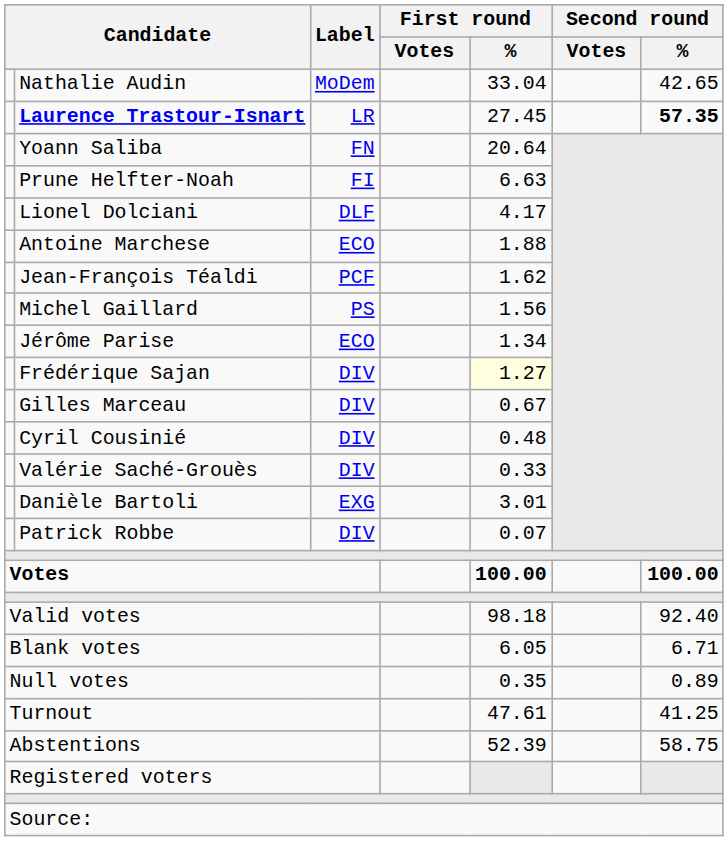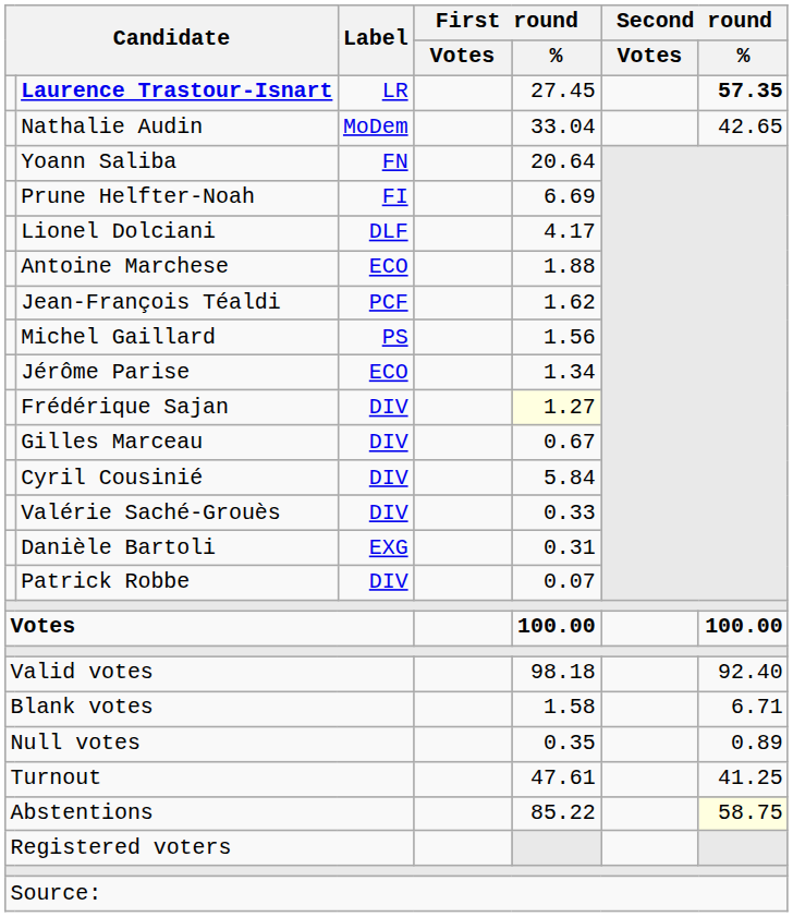 <table class="wikitable" style="text-align:right;font-size:95%;">
 <tr>
 <th colspan="2" rowspan="2">Candidate</th>
 <th rowspan="2">Label</th>
 <th colspan="2">First round</th>
 <th colspan="2">Second round</th>
 </tr>
 <tr>
 <th style="width:50px;">Votes</th>
 <th style="width:45px;">%</th>
 <th style="width:50px;">Votes</th>
 <th style="width:45px;">%</th>
 </tr>
 <tr>
 <td style="color:inherit;background:"></td>
+<td style="text-align:left;"><strong><a href='#'>Laurence Trastour-Isnart</a></strong></td>
+<td><a href='#'>LR</a></td>
+<td></td>
+<td>27.45</td>
+<td><strong></strong></td>
+<td><strong>57.35</strong></td>
+</tr>
+<tr>
+<td style="color:inherit;background:"></td>
 <td style="text-align:left;">Nathalie Audin</td>
 <td><a href='#'>MoDem</a></td>
 <td></td>
 <td>33.04</td>
 <td></td>
 <td>42.65</td>
-</tr>
-<tr>
-<td style="color:inherit;background:"></td>
-<td style="text-align:left;"><strong><a href='#'>Laurence Trastour-Isnart</a></strong></td>
-<td><a href='#'>LR</a></td>
-<td></td>
-<td>27.45</td>
-<td><strong></strong></td>
-<td><strong>57.35</strong></td>
 </tr>
 <tr>
 <td style="color:inherit;background:"></td>
 <td style="text-align:left;">Yoann Saliba</td>
 <td><a href='#'>FN</a></td>
 <td></td>
 <td>20.64</td>
 <td colspan="2" rowspan="13" style="background:#E9E9E9;"></td>
 </tr>
 <tr>
 <td style="color:inherit;background:"></td>
 <td style="text-align:left;">Prune Helfter-Noah</td>
 <td><a href='#'>FI</a></td>
 <td></td>
-<td>6.63</td>
+<td>6.69</td>
 </tr>
 <tr>
 <td style="color:inherit;background:"></td>
 <td style="text-align:left;">Lionel Dolciani</td>
 <td><a href='#'>DLF</a></td>
 <td></td>
 <td>4.17</td>
 </tr>
 <tr>
 <td style="color:inherit;background:"></td>
 <td style="text-align:left;">Antoine Marchese</td>
 <td><a href='#'>ECO</a></td>
 <td></td>
 <td>1.88</td>
 </tr>
 <tr>
 <td style="color:inherit;background:"></td>
 <td style="text-align:left;">Jean-François Téaldi</td>
 <td><a href='#'>PCF</a></td>
 <td></td>
 <td>1.62</td>
 </tr>
 <tr>
 <td style="color:inherit;background:"></td>
 <td style="text-align:left;">Michel Gaillard</td>
 <td><a href='#'>PS</a></td>
 <td></td>
 <td>1.56</td>
 </tr>
 <tr>
 <td style="color:inherit;background:"></td>
 <td style="text-align:left;">Jérôme Parise</td>
 <td><a href='#'>ECO</a></td>
 <td></td>
 <td>1.34</td>
 </tr>
 <tr>
 <td style="color:inherit;background:"></td>
 <td style="text-align:left;">Frédérique Sajan</td>
 <td><a href='#'>DIV</a></td>
 <td></td>
 <td style="background: lightyellow;">1.27</td>
 </tr>
 <tr>
 <td style="color:inherit;background:"></td>
 <td style="text-align:left;">Gilles Marceau</td>
 <td><a href='#'>DIV</a></td>
 <td></td>
 <td>0.67</td>
 </tr>
 <tr>
 <td style="color:inherit;background:"></td>
 <td style="text-align:left;">Cyril Cousinié</td>
 <td><a href='#'>DIV</a></td>
 <td></td>
-<td>0.48</td>
+<td>5.84</td>
 </tr>
 <tr>
 <td style="color:inherit;background:"></td>
 <td style="text-align:left;">Valérie Saché-Grouès</td>
 <td><a href='#'>DIV</a></td>
 <td></td>
 <td>0.33</td>
 </tr>
 <tr>
 <td style="color:inherit;background:"></td>
 <td style="text-align:left;">Danièle Bartoli</td>
 <td><a href='#'>EXG</a></td>
 <td></td>
-<td>3.01</td>
+<td>0.31</td>
 </tr>
 <tr>
 <td style="color:inherit;background:"></td>
 <td style="text-align:left;">Patrick Robbe</td>
 <td><a href='#'>DIV</a></td>
 <td></td>
 <td>0.07</td>
 </tr>
 <tr>
 <td colspan="7" style="background:#E9E9E9;"></td>
 </tr>
 <tr style="font-weight:bold;">
 <td colspan="3" style="text-align:left;">Votes</td>
 <td></td>
 <td>100.00</td>
 <td></td>
 <td>100.00</td>
 </tr>
 <tr>
 <td colspan="7" style="background:#E9E9E9;"></td>
 </tr>
 <tr>
 <td colspan="3" style="text-align:left;">Valid votes</td>
 <td></td>
 <td>98.18</td>
 <td></td>
 <td>92.40</td>
 </tr>
 <tr>
 <td colspan="3" style="text-align:left;">Blank votes</td>
 <td></td>
-<td>6.05</td>
+<td>1.58</td>
 <td></td>
 <td>6.71</td>
 </tr>
 <tr>
 <td colspan="3" style="text-align:left;">Null votes</td>
 <td></td>
 <td>0.35</td>
 <td></td>
 <td>0.89</td>
 </tr>
 <tr>
 <td colspan="3" style="text-align:left;">Turnout</td>
 <td></td>
 <td>47.61</td>
 <td></td>
 <td>41.25</td>
 </tr>
 <tr>
 <td colspan="3" style="text-align:left;">Abstentions</td>
 <td></td>
-<td>52.39</td>
+<td>85.22</td>
 <td></td>
-<td>58.75</td>
+<td style="background: lightyellow;">58.75</td>
 </tr>
 <tr>
 <td colspan="3" style="text-align:left;">Registered voters</td>
 <td></td>
 <td style="background:#E9E9E9;"></td>
 <td></td>
 <td style="background:#E9E9E9;"></td>
 </tr>
 <tr>
 <td colspan="7" style="background:#E9E9E9;"></td>
 </tr>
 <tr>
 <td colspan="7" style="text-align:left;">Source: </td>
 </tr>
 </table>
